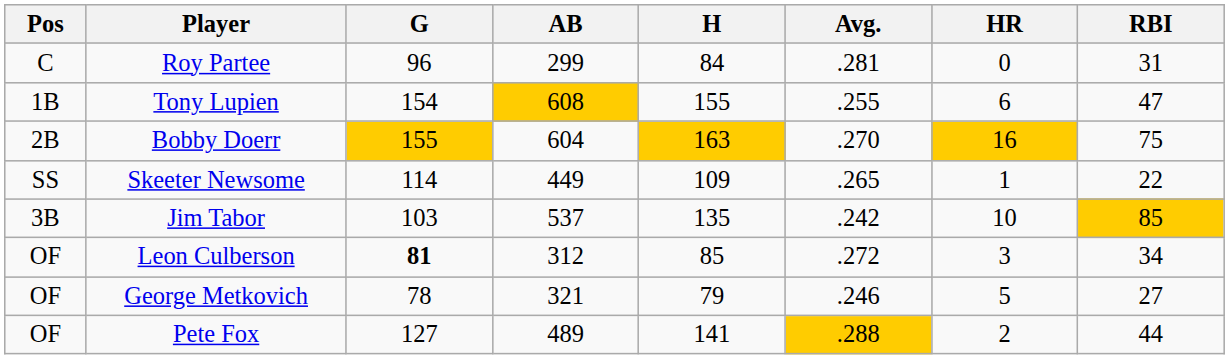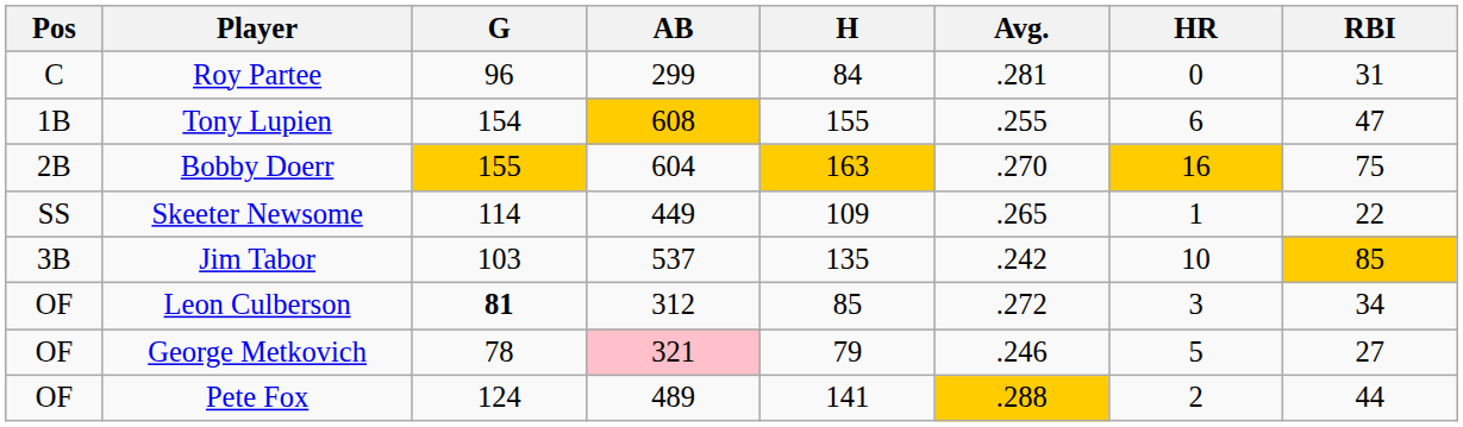 <table class="wikitable sortable">
 <tr>
 <th bgcolor="#DDDDFF" width="5%">Pos</th>
 <th bgcolor="#DDDDFF" width="16%">Player</th>
 <th bgcolor="#DDDDFF" width="9%">G</th>
 <th bgcolor="#DDDDFF" width="9%">AB</th>
 <th bgcolor="#DDDDFF" width="9%">H</th>
 <th bgcolor="#DDDDFF" width="9%">Avg.</th>
 <th bgcolor="#DDDDFF" width="9%">HR</th>
 <th bgcolor="#DDDDFF" width="9%">RBI</th>
 </tr>
 <tr align="center">
 <td>C</td>
 <td><a href='#'>Roy Partee</a></td>
 <td>96</td>
 <td>299</td>
 <td>84</td>
 <td>.281</td>
 <td>0</td>
 <td>31</td>
 </tr>
 <tr align="center">
 <td>1B</td>
 <td><a href='#'>Tony Lupien</a></td>
 <td>154</td>
 <td style="background:#fc0;">608</td>
 <td>155</td>
 <td>.255</td>
 <td>6</td>
 <td>47</td>
 </tr>
 <tr align="center">
 <td>2B</td>
 <td><a href='#'>Bobby Doerr</a></td>
 <td style="background:#fc0;">155</td>
 <td>604</td>
 <td style="background:#fc0;">163</td>
 <td>.270</td>
 <td style="background:#fc0;">16</td>
 <td>75</td>
 </tr>
 <tr align="center">
 <td>SS</td>
 <td><a href='#'>Skeeter Newsome</a></td>
 <td>114</td>
 <td>449</td>
 <td>109</td>
 <td>.265</td>
 <td>1</td>
 <td>22</td>
 </tr>
 <tr align="center">
 <td>3B</td>
 <td><a href='#'>Jim Tabor</a></td>
 <td>103</td>
 <td>537</td>
 <td>135</td>
 <td>.242</td>
 <td>10</td>
 <td style="background:#fc0;">85</td>
 </tr>
 <tr align="center">
 <td>OF</td>
 <td><a href='#'>Leon Culberson</a></td>
 <td><strong>81</strong></td>
 <td>312</td>
 <td>85</td>
 <td>.272</td>
 <td>3</td>
 <td>34</td>
 </tr>
 <tr align="center">
 <td>OF</td>
 <td><a href='#'>George Metkovich</a></td>
 <td>78</td>
-<td>321</td>
+<td style="background: pink;">321</td>
 <td>79</td>
 <td>.246</td>
 <td>5</td>
 <td>27</td>
 </tr>
 <tr align="center">
 <td>OF</td>
 <td><a href='#'>Pete Fox</a></td>
-<td>127</td>
+<td>124</td>
 <td>489</td>
 <td>141</td>
 <td style="background:#fc0;">.288</td>
 <td>2</td>
 <td>44</td>
 </tr>
 </table>
